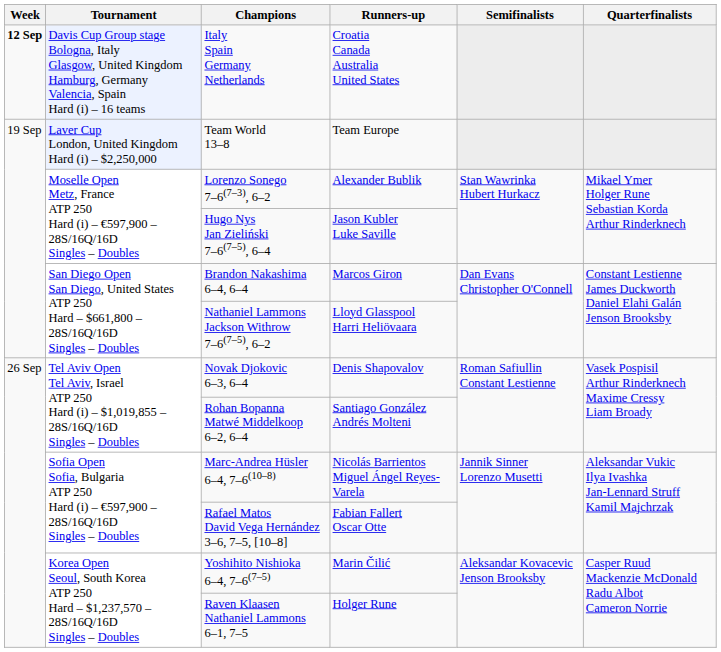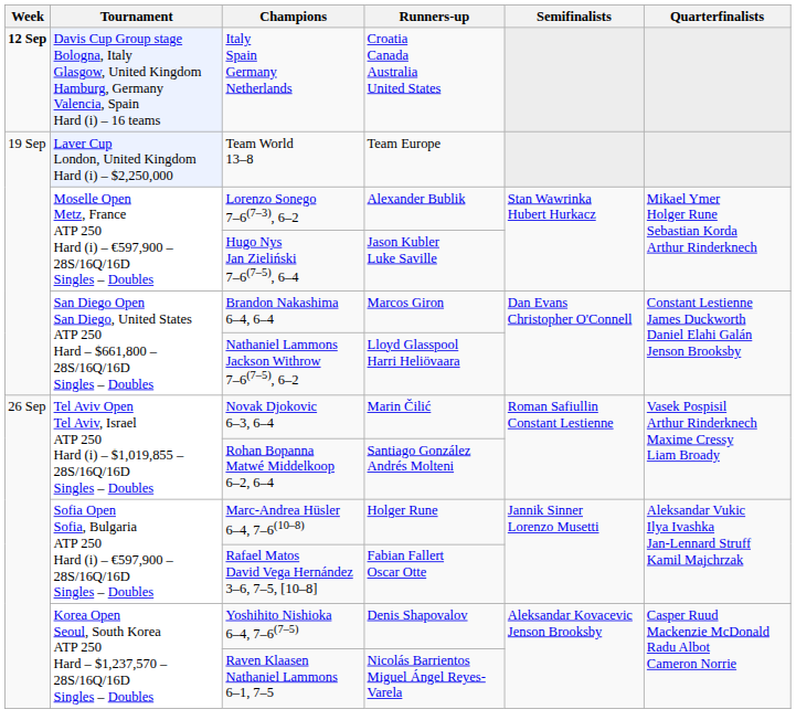 <table class=wikitable style=font-size:95%>
 <tr>
 <th style="width:48px;">Week</th>
 <th style="width:250px;">Tournament</th>
 <th style="width:200px;">Champions</th>
 <th style="width:200px;">Runners-up</th>
 <th style="width:190px;">Semifinalists</th>
 <th style="width:190px;">Quarterfinalists</th>
 </tr>
 <tr valign=top>
 <td><strong>12 Sep</strong></td>
 <td style="background:#ECF2FF;"><a href='#'>Davis Cup Group stage</a> <br> <a href='#'>Bologna</a>, Italy <br> <a href='#'>Glasgow</a>, United Kingdom  <br> <a href='#'>Hamburg</a>, Germany <br> <a href='#'>Valencia</a>, Spain <br> Hard (i) – 16 teams</td>
 <td> <a href='#'>Italy</a><br>  <a href='#'>Spain</a><br>  <a href='#'>Germany</a><br>  <a href='#'>Netherlands</a></td>
 <td> <a href='#'>Croatia</a><br>  <a href='#'>Canada</a><br>  <a href='#'>Australia</a><br>  <a href='#'>United States</a></td>
 <td style="background:#ededed;"></td>
 <td style="background:#ededed;"></td>
 </tr>
 <tr valign=top>
 <td rowspan=5>19 Sep</td>
 <td style="background:#ECF2FF;"><a href='#'>Laver Cup</a> <br> London, United Kingdom <br> Hard (i) – $2,250,000</td>
 <td> Team World <br> 13–8</td>
 <td> Team Europe</td>
 <td bgcolor=#ededed></td>
 <td bgcolor="#ededed"></td>
 </tr>
 <tr valign=top>
 <td rowspan=2 style="background:#fff;"><a href='#'>Moselle Open</a> <br> <a href='#'>Metz</a>, France <br> ATP 250 <br> Hard (i) – €597,900 – 28S/16Q/16D <br> <a href='#'>Singles</a> – <a href='#'>Doubles</a></td>
 <td> <a href='#'>Lorenzo Sonego</a><br>7–6<sup>(7–3)</sup>, 6–2</td>
 <td> <a href='#'>Alexander Bublik</a></td>
 <td rowspan=2> <a href='#'>Stan Wawrinka</a> <br>  <a href='#'>Hubert Hurkacz</a></td>
 <td rowspan=2> <a href='#'>Mikael Ymer</a> <br>  <a href='#'>Holger Rune</a> <br>  <a href='#'>Sebastian Korda</a> <br>  <a href='#'>Arthur Rinderknech</a></td>
 </tr>
 <tr valign=top>
 <td> <a href='#'>Hugo Nys</a> <br>  <a href='#'>Jan Zieliński</a> <br> 7–6<sup>(7–5)</sup>, 6–4</td>
 <td> <a href='#'>Jason Kubler</a> <br>  <a href='#'>Luke Saville</a></td>
 </tr>
 <tr valign=top>
 <td rowspan=2 style="background:#fff;"><a href='#'>San Diego Open</a> <br> <a href='#'>San Diego</a>, United States <br> ATP 250 <br> Hard – $661,800 – 28S/16Q/16D <br> <a href='#'>Singles</a> – <a href='#'>Doubles</a></td>
 <td> <a href='#'>Brandon Nakashima</a><br>6–4, 6–4</td>
 <td> <a href='#'>Marcos Giron</a></td>
 <td rowspan=2> <a href='#'>Dan Evans</a> <br>  <a href='#'>Christopher O'Connell</a></td>
 <td rowspan=2> <a href='#'>Constant Lestienne</a> <br>  <a href='#'>James Duckworth</a> <br>  <a href='#'>Daniel Elahi Galán</a> <br>  <a href='#'>Jenson Brooksby</a></td>
 </tr>
 <tr valign=top>
 <td> <a href='#'>Nathaniel Lammons</a> <br>  <a href='#'>Jackson Withrow</a> <br> 7–6<sup>(7–5)</sup>, 6–2</td>
 <td> <a href='#'>Lloyd Glasspool</a> <br>  <a href='#'>Harri Heliövaara</a></td>
 </tr>
 <tr valign=top>
 <td rowspan=6>26 Sep</td>
 <td rowspan=2 style="background:#fff;"><a href='#'>Tel Aviv Open</a> <br> <a href='#'>Tel Aviv</a>, Israel <br> ATP 250 <br> Hard (i) – $1,019,855 – 28S/16Q/16D <br> <a href='#'>Singles</a> – <a href='#'>Doubles</a></td>
 <td> <a href='#'>Novak Djokovic</a> <br> 6–3, 6–4</td>
-<td> <a href='#'>Denis Shapovalov</a></td>
+<td> <a href='#'>Marin Čilić</a></td>
 <td rowspan=2> <a href='#'>Roman Safiullin</a> <br>  <a href='#'>Constant Lestienne</a></td>
 <td rowspan=2> <a href='#'>Vasek Pospisil</a> <br>  <a href='#'>Arthur Rinderknech</a> <br>  <a href='#'>Maxime Cressy</a> <br>  <a href='#'>Liam Broady</a></td>
 </tr>
 <tr valign=top>
 <td> <a href='#'>Rohan Bopanna</a> <br>  <a href='#'>Matwé Middelkoop</a> <br> 6–2, 6–4</td>
 <td> <a href='#'>Santiago González</a> <br>  <a href='#'>Andrés Molteni</a></td>
 </tr>
 <tr valign=top>
 <td rowspan=2 style="background:#fff;"><a href='#'>Sofia Open</a> <br> <a href='#'>Sofia</a>, Bulgaria <br> ATP 250 <br> Hard (i) – €597,900 – 28S/16Q/16D <br> <a href='#'>Singles</a> – <a href='#'>Doubles</a></td>
 <td> <a href='#'>Marc-Andrea Hüsler</a> <br>6–4, 7–6<sup>(10–8)</sup></td>
-<td> <a href='#'>Nicolás Barrientos</a> <br>  <a href='#'>Miguel Ángel Reyes-Varela</a></td>
+<td> <a href='#'>Holger Rune</a></td>
 <td rowspan=2> <a href='#'>Jannik Sinner</a> <br>  <a href='#'>Lorenzo Musetti</a></td>
 <td rowspan=2> <a href='#'>Aleksandar Vukic</a> <br>  <a href='#'>Ilya Ivashka</a> <br>  <a href='#'>Jan-Lennard Struff</a> <br>  <a href='#'>Kamil Majchrzak</a></td>
 </tr>
 <tr valign=top>
 <td> <a href='#'>Rafael Matos</a> <br>  <a href='#'>David Vega Hernández</a> <br> 3–6, 7–5, [10–8]</td>
 <td> <a href='#'>Fabian Fallert</a> <br>  <a href='#'>Oscar Otte</a></td>
 </tr>
 <tr valign=top>
 <td rowspan=2 style="background:#fff;"><a href='#'>Korea Open</a> <br> <a href='#'>Seoul</a>, South Korea <br> ATP 250 <br> Hard – $1,237,570 – 28S/16Q/16D <br> <a href='#'>Singles</a> – <a href='#'>Doubles</a></td>
 <td> <a href='#'>Yoshihito Nishioka</a> <br>6–4, 7–6<sup>(7–5)</sup></td>
-<td> <a href='#'>Marin Čilić</a></td>
+<td> <a href='#'>Denis Shapovalov</a></td>
 <td rowspan=2> <a href='#'>Aleksandar Kovacevic</a> <br>  <a href='#'>Jenson Brooksby</a></td>
 <td rowspan=2> <a href='#'>Casper Ruud</a> <br>  <a href='#'>Mackenzie McDonald</a> <br>  <a href='#'>Radu Albot</a> <br>  <a href='#'>Cameron Norrie</a></td>
 </tr>
 <tr valign=top>
 <td> <a href='#'>Raven Klaasen</a> <br>  <a href='#'>Nathaniel Lammons</a> <br> 6–1, 7–5</td>
-<td> <a href='#'>Holger Rune</a></td>
+<td> <a href='#'>Nicolás Barrientos</a> <br>  <a href='#'>Miguel Ángel Reyes-Varela</a></td>
 </tr>
 </table>
